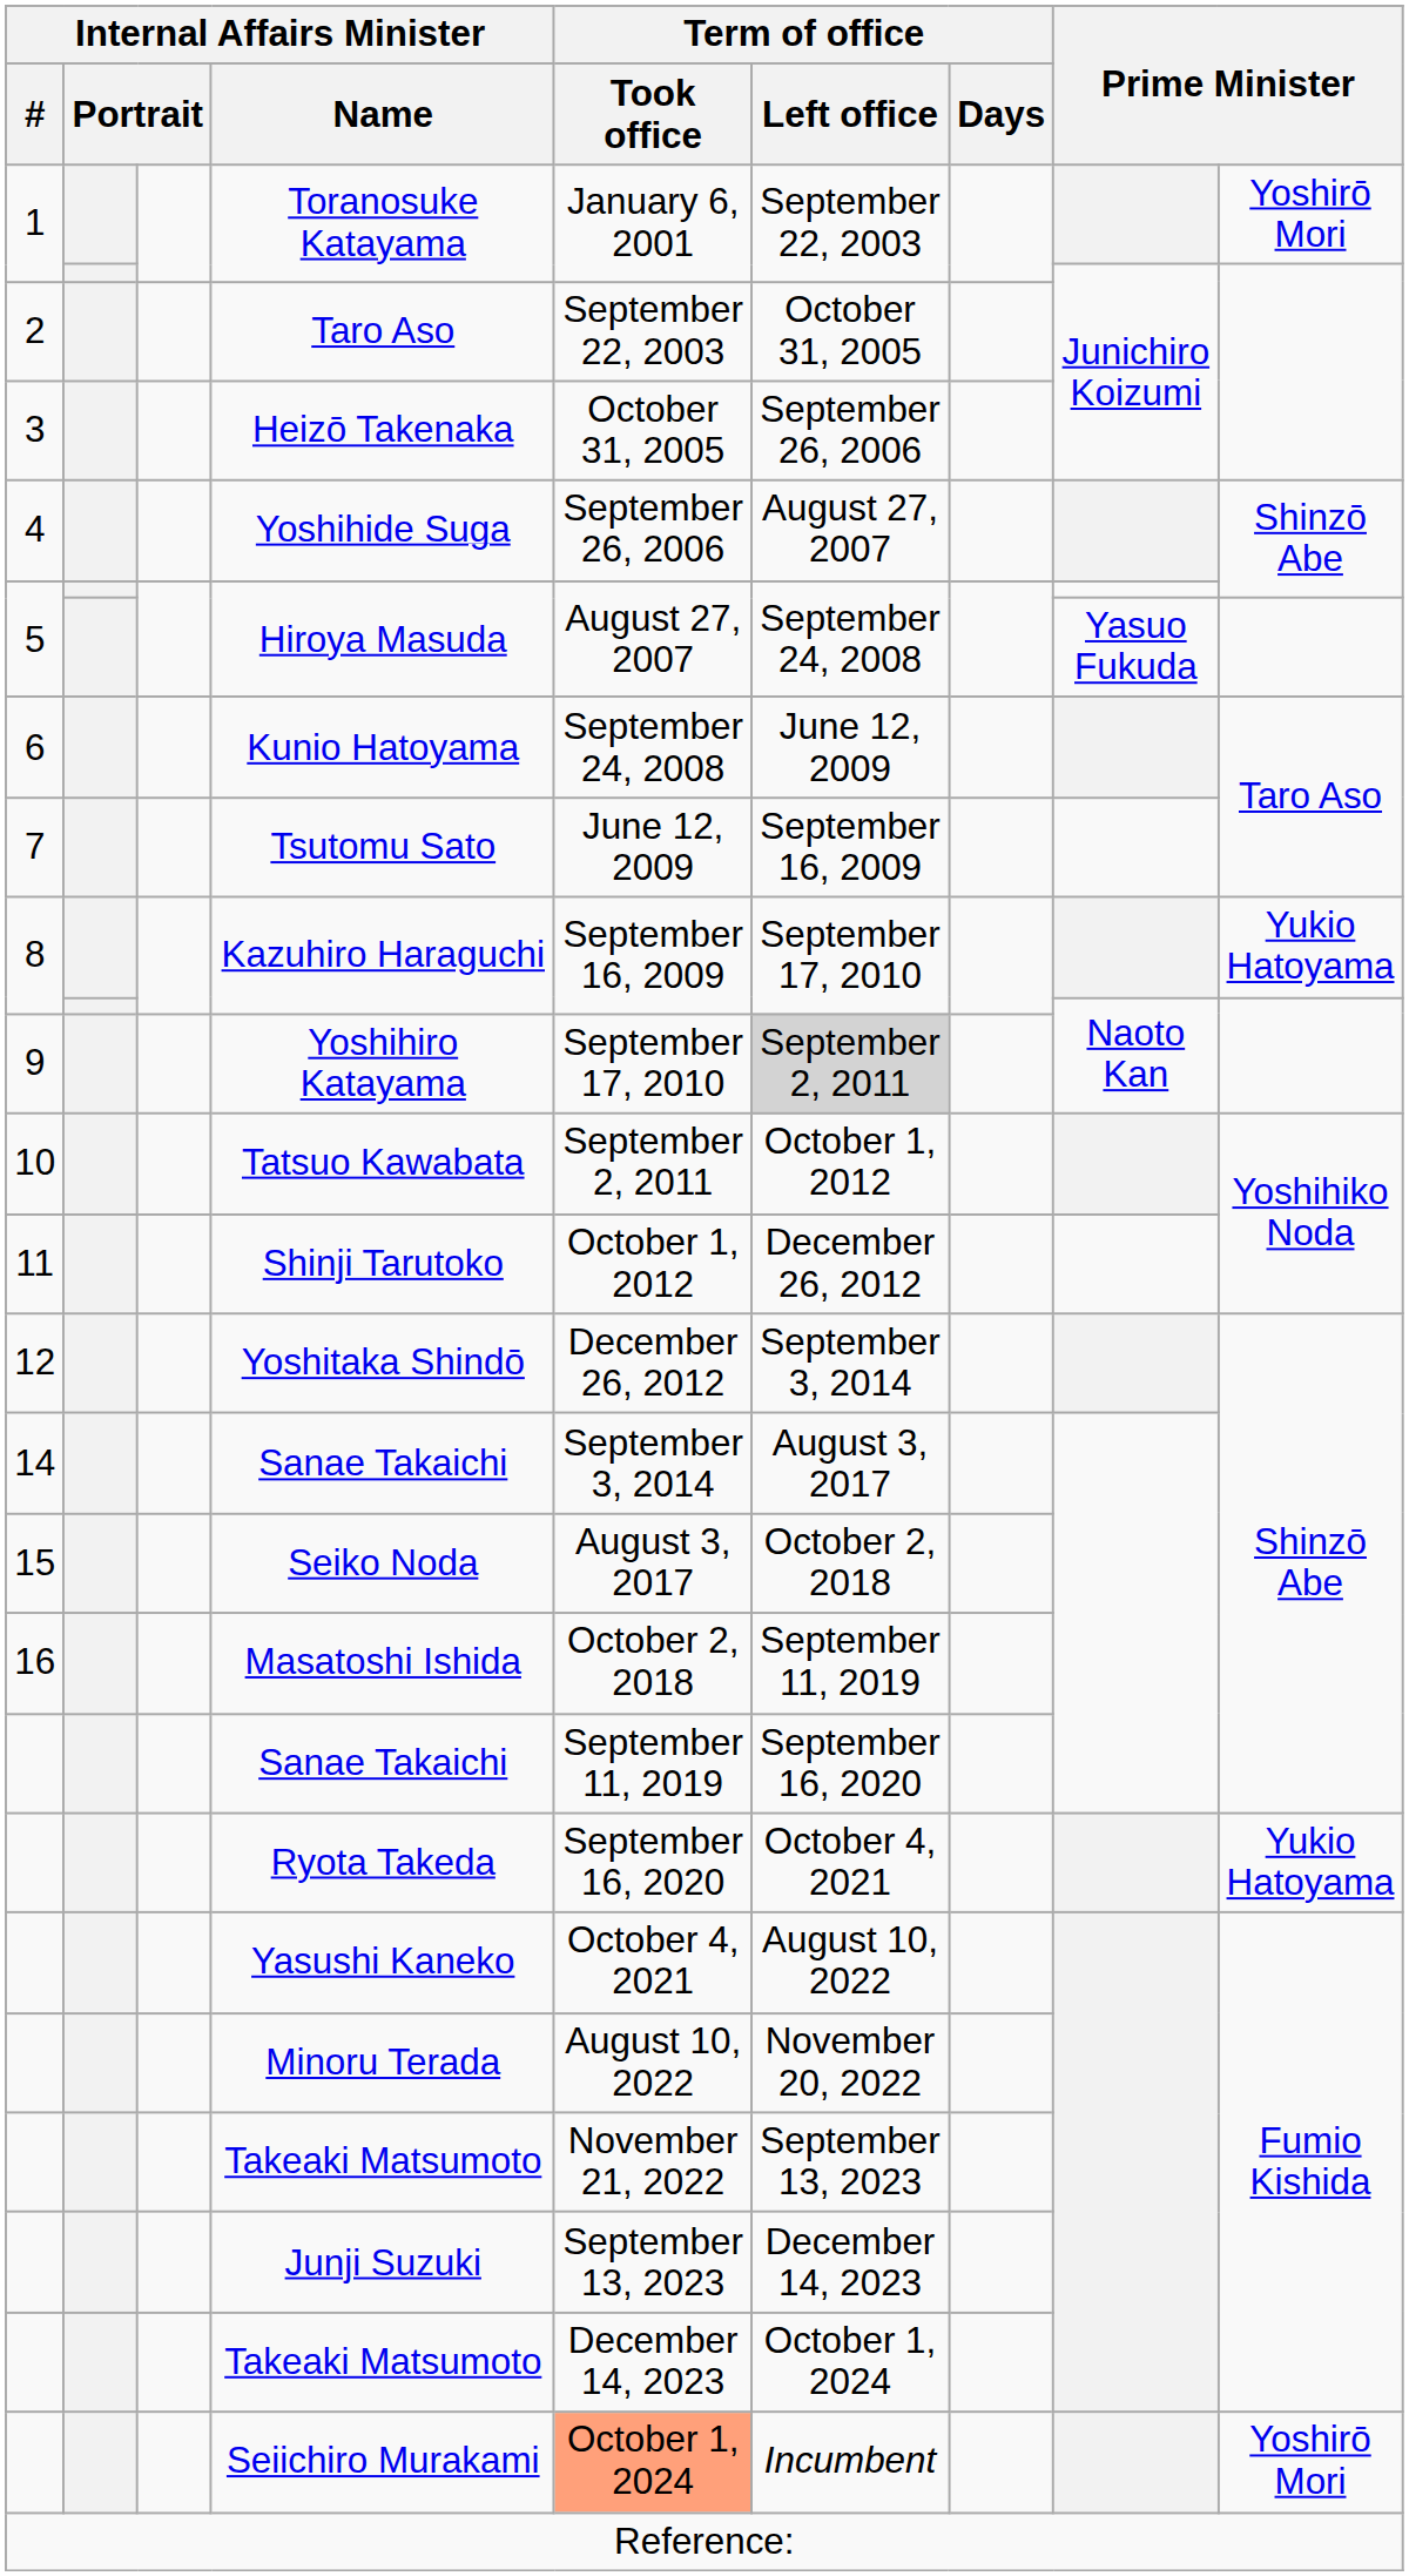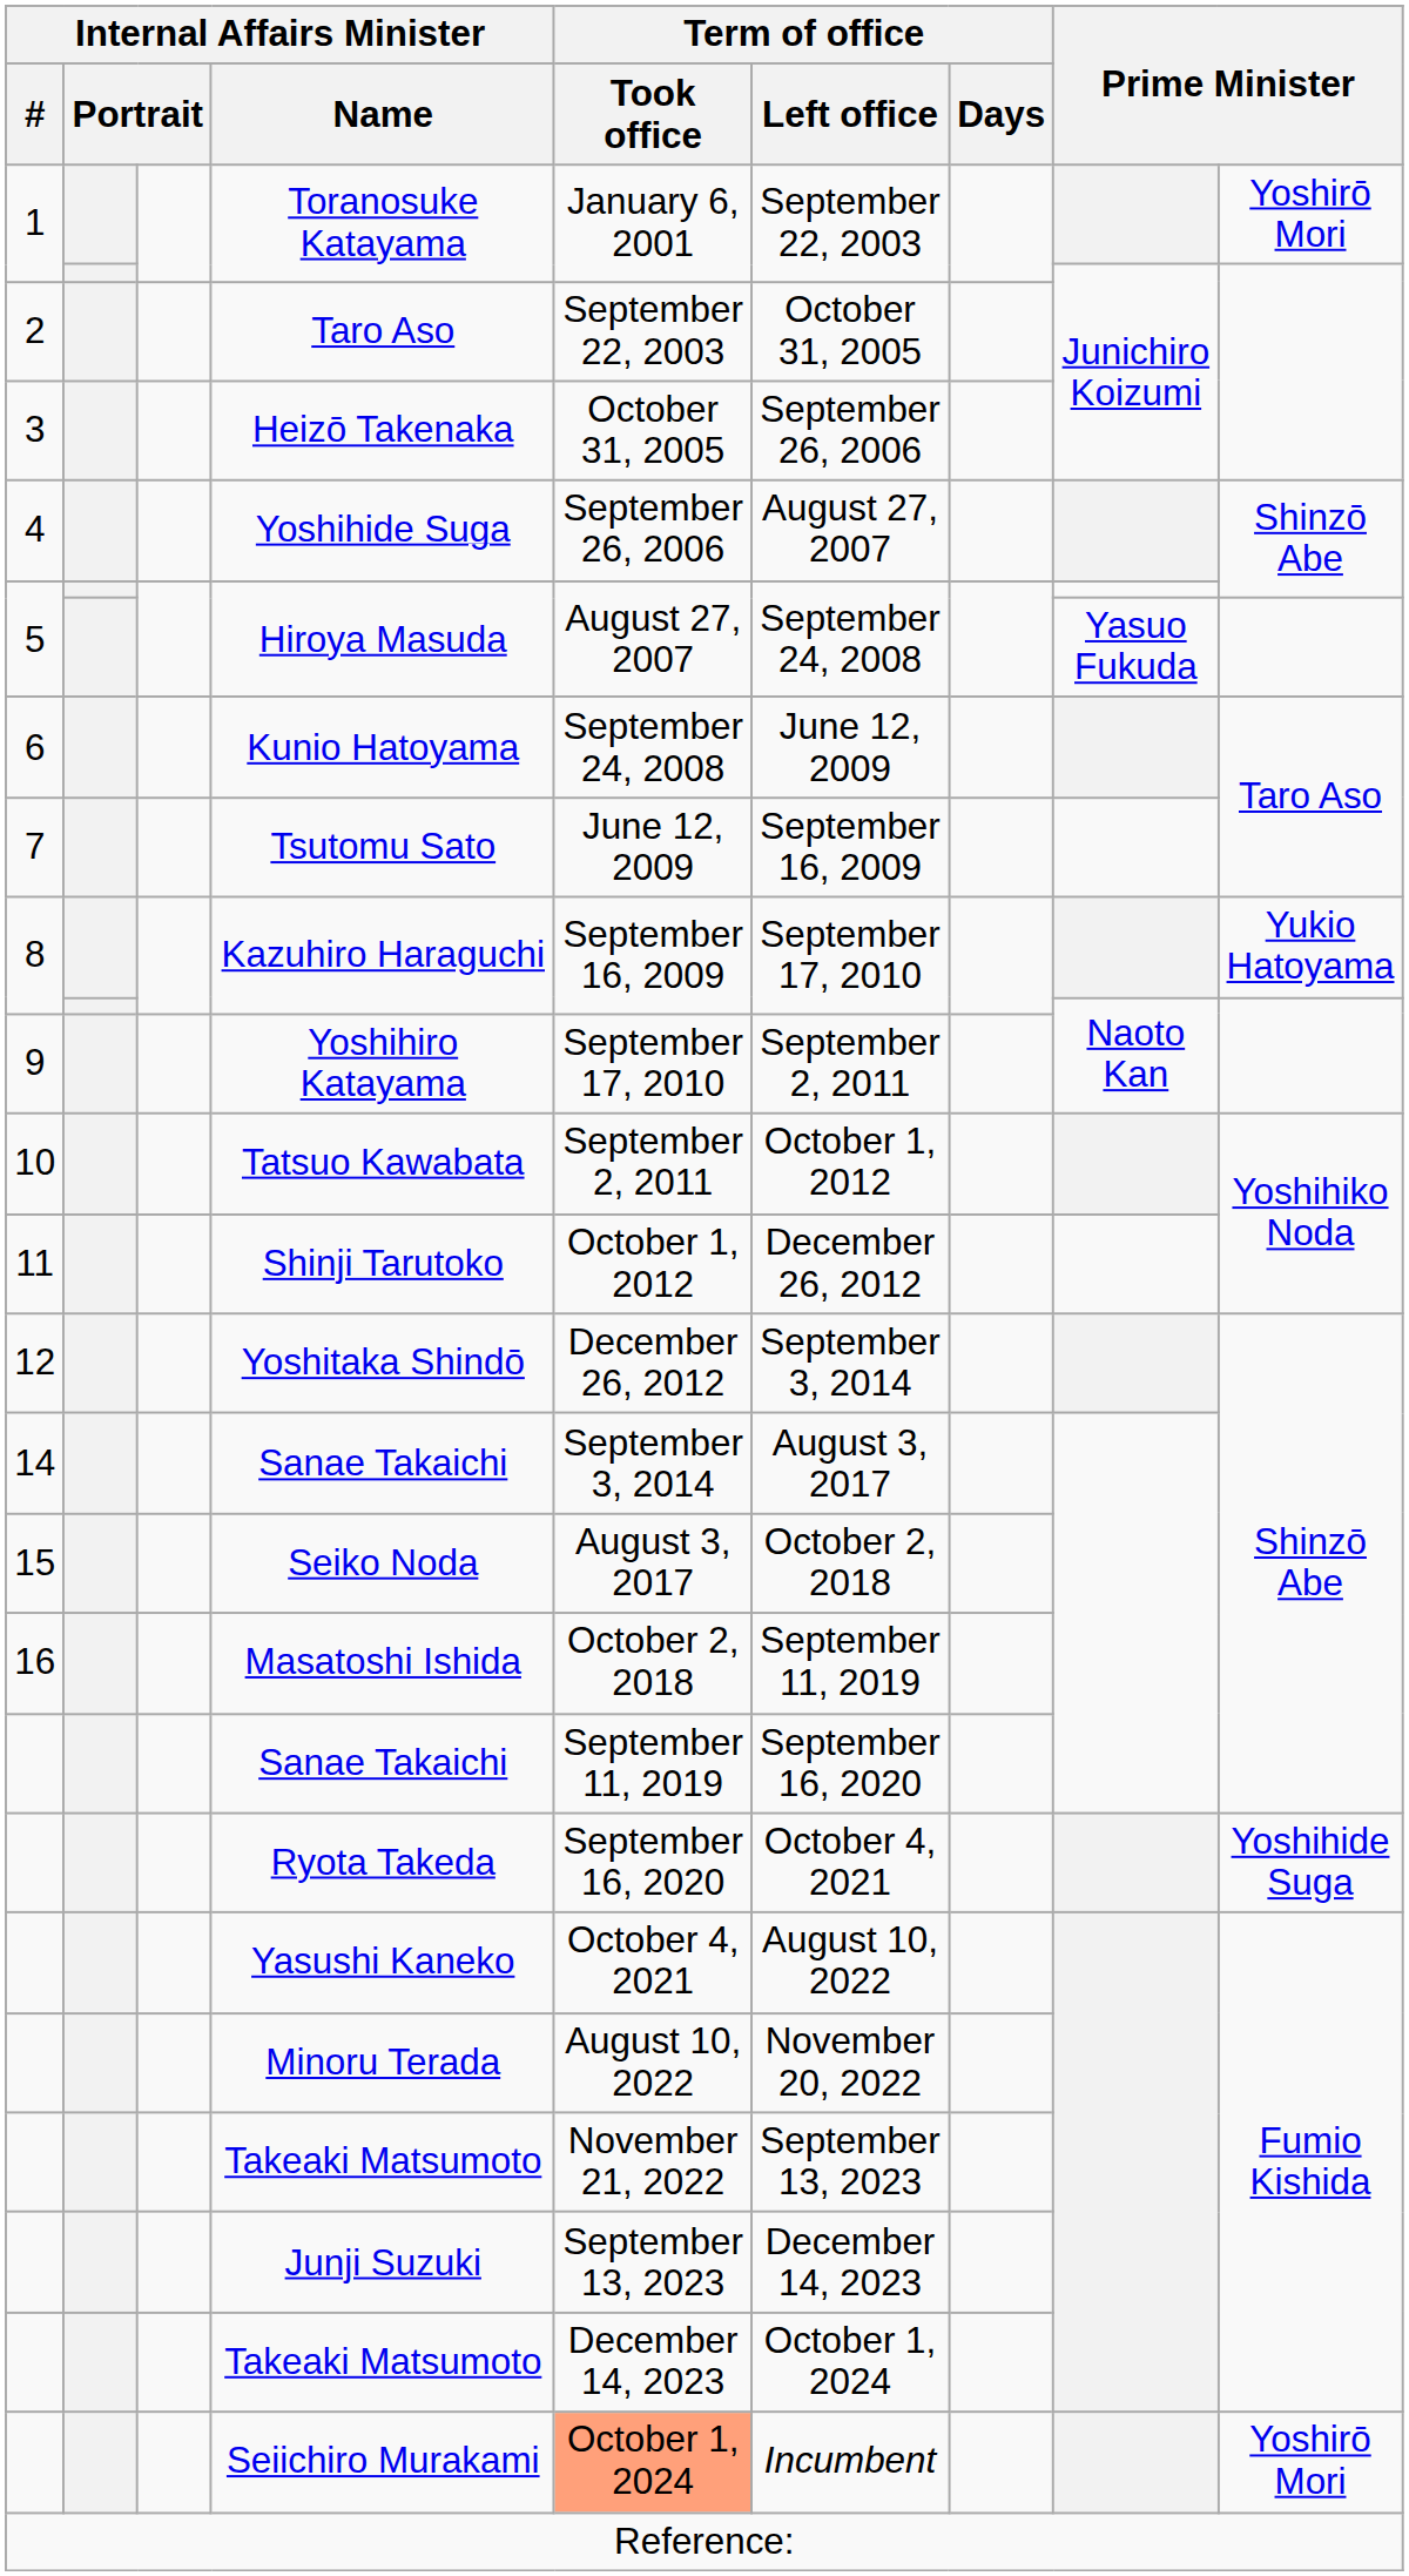 <table class="wikitable"  style="text-align:center">
 <tr>
 <th colspan=4>Internal Affairs Minister</th>
 <th colspan=3>Term of office</th>
 <th style="width:160px;" rowspan=2 colspan=2>Prime Minister</th>
 </tr>
 <tr>
 <th>#</th>
 <th colspan=2>Portrait</th>
 <th width=180px>Name</th>
 <th>Took office</th>
 <th>Left office</th>
 <th>Days</th>
 </tr>
 <tr>
 <td rowspan=2>1</td>
 <th style="background-color: "></th>
 <td rowspan=2></td>
 <td rowspan=2><a href='#'>Toranosuke Katayama</a></td>
 <td rowspan=2>January 6, 2001</td>
 <td rowspan=2>September 22, 2003</td>
 <td rowspan=2></td>
 <th style="background-color: "></th>
 <td><a href='#'>Yoshirō Mori</a></td>
 </tr>
 <tr>
 <th style="background-color: "></th>
 <td rowspan=3><a href='#'>Junichiro Koizumi</a></td>
 </tr>
 <tr>
 <td>2</td>
 <th style="background-color: "></th>
 <td></td>
 <td><a href='#'>Taro Aso</a></td>
 <td>September 22, 2003</td>
 <td>October 31, 2005</td>
 <td></td>
 </tr>
 <tr>
 <td>3</td>
 <th style="background-color: "></th>
 <td></td>
 <td><a href='#'>Heizō Takenaka</a></td>
 <td>October 31, 2005</td>
 <td>September 26, 2006</td>
 <td></td>
 </tr>
 <tr>
 <td>4</td>
 <th style="background-color: "></th>
 <td></td>
 <td><a href='#'>Yoshihide Suga</a></td>
 <td>September 26, 2006</td>
 <td>August 27, 2007</td>
 <td></td>
 <th style="background-color: "></th>
 <td rowspan=2><a href='#'>Shinzō Abe</a></td>
 </tr>
 <tr>
 <td rowspan=2>5</td>
 <th style="background-color: "></th>
 <td rowspan=2></td>
 <td rowspan=2><a href='#'>Hiroya Masuda</a></td>
 <td rowspan=2>August 27, 2007</td>
 <td rowspan=2>September 24, 2008</td>
 <td rowspan=2></td>
 </tr>
 <tr>
 <th style="background-color: "></th>
 <td><a href='#'>Yasuo Fukuda</a></td>
 </tr>
 <tr>
 <td>6</td>
 <th style="background-color: "></th>
 <td></td>
 <td><a href='#'>Kunio Hatoyama</a></td>
 <td>September 24, 2008</td>
 <td>June 12, 2009</td>
 <td></td>
 <th style="background-color: "></th>
 <td rowspan=2><a href='#'>Taro Aso</a></td>
 </tr>
 <tr>
 <td>7</td>
 <th style="background-color: "></th>
 <td></td>
 <td><a href='#'>Tsutomu Sato</a></td>
 <td>June 12, 2009</td>
 <td>September 16, 2009</td>
 <td></td>
 </tr>
 <tr>
 <td rowspan=2>8</td>
 <th style="background-color: "></th>
 <td rowspan=2></td>
 <td rowspan=2><a href='#'>Kazuhiro Haraguchi</a></td>
 <td rowspan=2>September 16, 2009</td>
 <td rowspan=2>September 17, 2010</td>
 <td rowspan=2></td>
 <th style="background-color: "></th>
 <td><a href='#'>Yukio Hatoyama</a></td>
 </tr>
 <tr>
 <th style="background-color: "></th>
 <td rowspan=2><a href='#'>Naoto Kan</a></td>
 </tr>
 <tr>
 <td>9</td>
 <th style="background-color: "></th>
 <td></td>
 <td><a href='#'>Yoshihiro Katayama</a></td>
 <td>September 17, 2010</td>
-<td style="background: lightgrey;">September 2, 2011</td>
+<td>September 2, 2011</td>
 <td></td>
 </tr>
 <tr>
 <td>10</td>
 <th style="background-color: "></th>
 <td></td>
 <td><a href='#'>Tatsuo Kawabata</a></td>
 <td>September 2, 2011</td>
 <td>October 1, 2012</td>
 <td></td>
 <th style="background-color: "></th>
 <td rowspan=2><a href='#'>Yoshihiko Noda</a></td>
 </tr>
 <tr>
 <td>11</td>
 <th style="background-color: "></th>
 <td></td>
 <td><a href='#'>Shinji Tarutoko</a></td>
 <td>October 1, 2012</td>
 <td>December 26, 2012</td>
 <td></td>
 </tr>
 <tr>
 <td>12</td>
 <th style="background-color: "></th>
 <td></td>
 <td><a href='#'>Yoshitaka Shindō</a></td>
 <td>December 26, 2012</td>
 <td>September 3, 2014</td>
 <td></td>
 <th style="background-color: "></th>
 <td rowspan=5><a href='#'>Shinzō Abe</a></td>
 </tr>
 <tr>
 <td>14</td>
 <th style="background-color: "></th>
 <td></td>
 <td><a href='#'>Sanae Takaichi</a></td>
 <td>September 3, 2014</td>
 <td>August 3, 2017</td>
 <td></td>
 </tr>
 <tr>
 <td>15</td>
 <th style="background-color: "></th>
 <td></td>
 <td><a href='#'>Seiko Noda</a></td>
 <td>August 3, 2017</td>
 <td>October 2, 2018</td>
 <td></td>
 </tr>
 <tr>
 <td>16</td>
 <th style="background-color: "></th>
 <td></td>
 <td><a href='#'>Masatoshi Ishida</a></td>
 <td>October 2, 2018</td>
 <td>September 11, 2019</td>
 <td></td>
 </tr>
 <tr>
 <td></td>
 <th style="background-color: "></th>
 <td></td>
 <td><a href='#'>Sanae Takaichi</a></td>
 <td>September 11, 2019</td>
 <td>September 16, 2020</td>
 <td></td>
 </tr>
 <tr>
 <td></td>
 <th style="background-color: "></th>
 <td></td>
 <td><a href='#'>Ryota Takeda</a></td>
 <td>September 16, 2020</td>
 <td>October 4, 2021</td>
 <td></td>
 <th style="background-color: "></th>
-<td><a href='#'>Yukio Hatoyama</a></td>
+<td rowspan=1><a href='#'>Yoshihide Suga</a></td>
 </tr>
 <tr>
 <td></td>
 <th style="background-color: "></th>
 <td></td>
 <td><a href='#'>Yasushi Kaneko</a></td>
 <td>October 4, 2021</td>
 <td>August 10, 2022</td>
 <td></td>
 <th rowspan=5 style="background-color: "></th>
 <td rowspan=5><a href='#'>Fumio Kishida</a></td>
 </tr>
 <tr>
 <td></td>
 <th style="background-color: "></th>
 <td></td>
 <td><a href='#'>Minoru Terada</a></td>
 <td>August 10, 2022</td>
 <td>November 20, 2022</td>
 <td></td>
 </tr>
 <tr>
 <td></td>
 <th style="background-color: "></th>
 <td></td>
 <td><a href='#'>Takeaki Matsumoto</a></td>
 <td>November 21, 2022</td>
 <td>September 13, 2023</td>
 <td></td>
 </tr>
 <tr>
 <td></td>
 <th style="background-color: "></th>
 <td></td>
 <td><a href='#'>Junji Suzuki</a></td>
 <td>September 13, 2023</td>
 <td>December 14, 2023</td>
 <td></td>
 </tr>
 <tr>
 <td></td>
 <th style="background-color: "></th>
 <td></td>
 <td><a href='#'>Takeaki Matsumoto</a></td>
 <td>December 14, 2023</td>
 <td>October 1, 2024</td>
 <td></td>
 </tr>
 <tr>
 <td></td>
 <th style="background-color: "></th>
 <td></td>
 <td><a href='#'>Seiichiro Murakami</a></td>
 <td style="background: lightsalmon;">October 1, 2024</td>
 <td><em>Incumbent</em></td>
 <td></td>
 <th style="background-color: "></th>
 <td><a href='#'>Yoshirō Mori</a></td>
 </tr>
 <tr>
 <td colspan="9">Reference: </td>
 </tr>
 </table>
